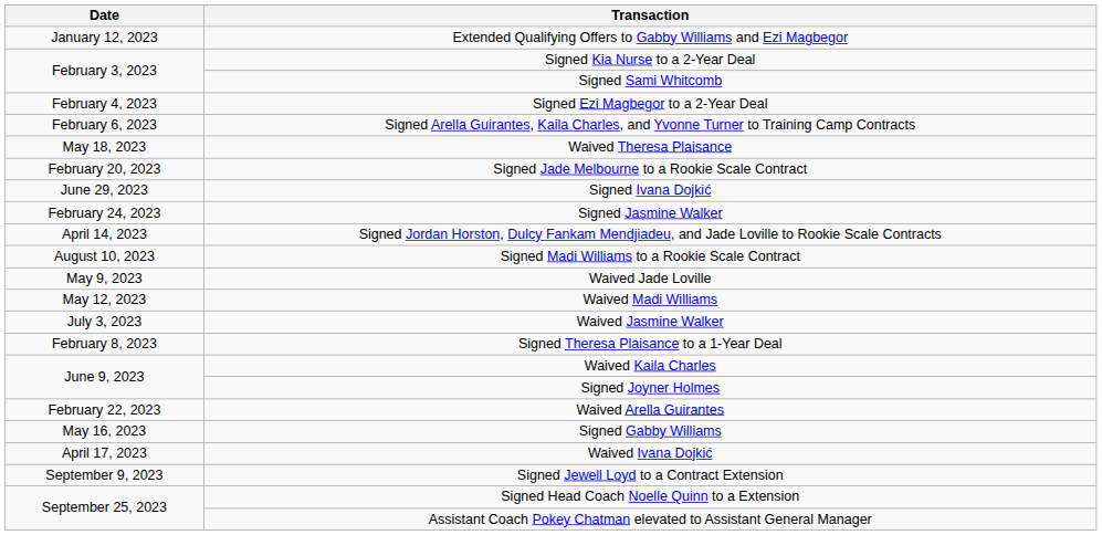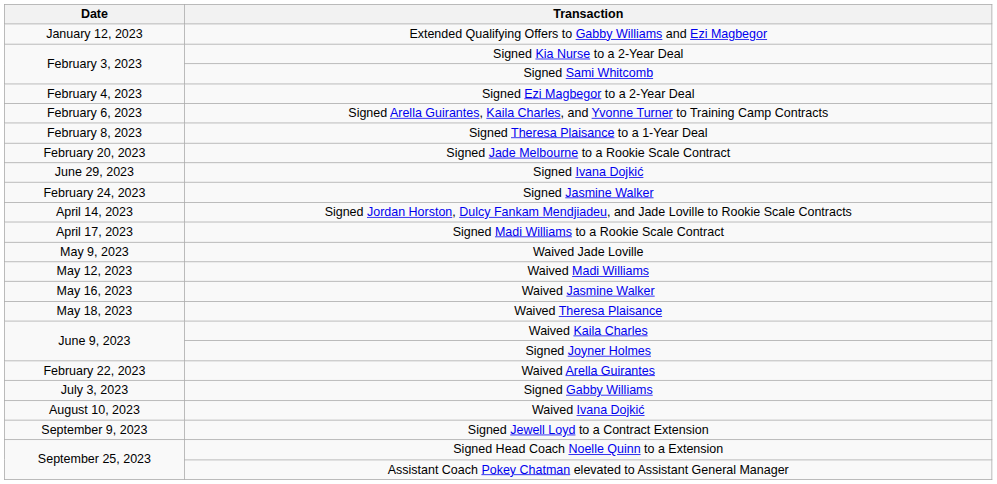 <table class="wikitable" style="width:80%; text-align: center;">
 <tr>
 <th>Date</th>
 <th>Transaction</th>
 </tr>
 <tr>
 <td>January 12, 2023</td>
 <td>Extended Qualifying Offers to <a href='#'>Gabby Williams</a> and <a href='#'>Ezi Magbegor</a></td>
 </tr>
 <tr>
 <td rowspan=2>February 3, 2023</td>
 <td>Signed <a href='#'>Kia Nurse</a> to a 2-Year Deal</td>
 </tr>
 <tr>
 <td>Signed <a href='#'>Sami Whitcomb</a></td>
 </tr>
 <tr>
 <td>February 4, 2023</td>
 <td>Signed <a href='#'>Ezi Magbegor</a> to a 2-Year Deal</td>
 </tr>
 <tr>
 <td>February 6, 2023</td>
 <td>Signed <a href='#'>Arella Guirantes</a>, <a href='#'>Kaila Charles</a>, and <a href='#'>Yvonne Turner</a> to Training Camp Contracts</td>
 </tr>
 <tr>
-<td>May 18, 2023</td>
-<td>Waived <a href='#'>Theresa Plaisance</a></td>
+<td>February 8, 2023</td>
+<td>Signed <a href='#'>Theresa Plaisance</a> to a 1-Year Deal</td>
 </tr>
 <tr>
 <td>February 20, 2023</td>
 <td>Signed <a href='#'>Jade Melbourne</a> to a Rookie Scale Contract</td>
 </tr>
 <tr>
 <td>June 29, 2023</td>
 <td>Signed <a href='#'>Ivana Dojkić</a></td>
 </tr>
 <tr>
 <td>February 24, 2023</td>
 <td>Signed <a href='#'>Jasmine Walker</a></td>
 </tr>
 <tr>
 <td>April 14, 2023</td>
 <td>Signed <a href='#'>Jordan Horston</a>, <a href='#'>Dulcy Fankam Mendjiadeu</a>, and Jade Loville to Rookie Scale Contracts</td>
 </tr>
 <tr>
-<td>August 10, 2023</td>
+<td>April 17, 2023</td>
 <td>Signed <a href='#'>Madi Williams</a> to a Rookie Scale Contract</td>
 </tr>
 <tr>
 <td>May 9, 2023</td>
 <td>Waived Jade Loville</td>
 </tr>
 <tr>
 <td>May 12, 2023</td>
 <td>Waived <a href='#'>Madi Williams</a></td>
 </tr>
 <tr>
-<td>July 3, 2023</td>
+<td>May 16, 2023</td>
 <td>Waived <a href='#'>Jasmine Walker</a></td>
 </tr>
 <tr>
-<td>February 8, 2023</td>
-<td>Signed <a href='#'>Theresa Plaisance</a> to a 1-Year Deal</td>
+<td>May 18, 2023</td>
+<td>Waived <a href='#'>Theresa Plaisance</a></td>
 </tr>
 <tr>
 <td rowspan=2>June 9, 2023</td>
 <td>Waived <a href='#'>Kaila Charles</a></td>
 </tr>
 <tr>
 <td>Signed <a href='#'>Joyner Holmes</a></td>
 </tr>
 <tr>
 <td>February 22, 2023</td>
 <td>Waived <a href='#'>Arella Guirantes</a></td>
 </tr>
 <tr>
-<td>May 16, 2023</td>
+<td>July 3, 2023</td>
 <td>Signed <a href='#'>Gabby Williams</a></td>
 </tr>
 <tr>
-<td>April 17, 2023</td>
+<td>August 10, 2023</td>
 <td>Waived <a href='#'>Ivana Dojkić</a></td>
 </tr>
 <tr>
 <td>September 9, 2023</td>
 <td>Signed <a href='#'>Jewell Loyd</a> to a Contract Extension</td>
 </tr>
 <tr>
 <td rowspan=2>September 25, 2023</td>
 <td>Signed Head Coach <a href='#'>Noelle Quinn</a> to a Extension</td>
 </tr>
 <tr>
 <td>Assistant Coach <a href='#'>Pokey Chatman</a> elevated to Assistant General Manager</td>
 </tr>
 </table>
